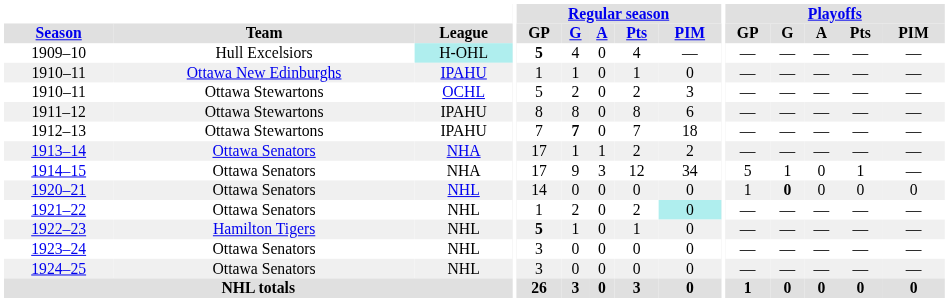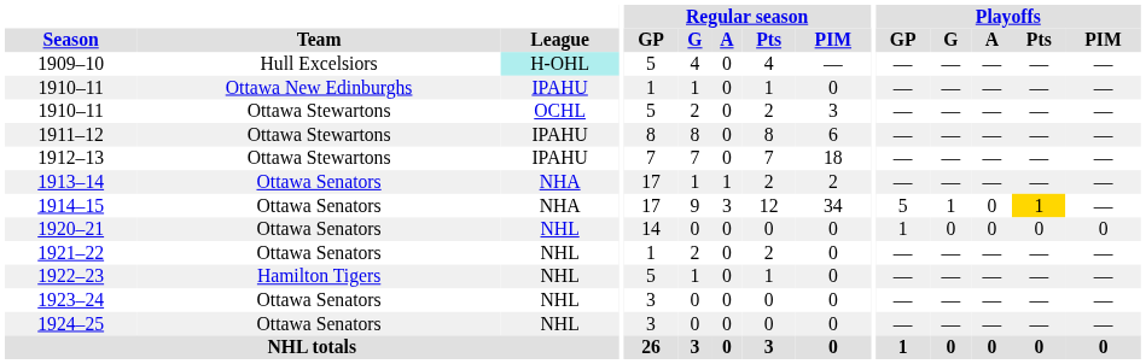 <table border="0" cellpadding="1" cellspacing="0" style="text-align:center; width:60em">
 <tr bgcolor="#e0e0e0">
 <th colspan="3" bgcolor="#ffffff"></th>
 <th rowspan="100" bgcolor="#ffffff"></th>
 <th colspan="5"><a href='#'>Regular season</a></th>
 <th rowspan="100" bgcolor="#ffffff"></th>
 <th colspan="5"><a href='#'>Playoffs</a></th>
 </tr>
 <tr bgcolor="#e0e0e0">
 <th><a href='#'>Season</a></th>
 <th>Team</th>
 <th>League</th>
 <th>GP</th>
 <th><a href='#'>G</a></th>
 <th><a href='#'>A</a></th>
 <th><a href='#'>Pts</a></th>
 <th><a href='#'>PIM</a></th>
 <th>GP</th>
 <th>G</th>
 <th>A</th>
 <th>Pts</th>
 <th>PIM</th>
 </tr>
 <tr>
 <td>1909–10</td>
 <td>Hull Excelsiors</td>
 <td style="background: paleturquoise;">H-OHL</td>
-<td><strong>5</strong></td>
+<td>5</td>
 <td>4</td>
 <td>0</td>
 <td>4</td>
 <td>—</td>
 <td>—</td>
 <td>—</td>
 <td>—</td>
 <td>—</td>
 <td>—</td>
 </tr>
 <tr bgcolor="#f0f0f0">
 <td>1910–11</td>
 <td><a href='#'>Ottawa New Edinburghs</a></td>
 <td><a href='#'>IPAHU</a></td>
 <td>1</td>
 <td>1</td>
 <td>0</td>
 <td>1</td>
 <td>0</td>
 <td>—</td>
 <td>—</td>
 <td>—</td>
 <td>—</td>
 <td>—</td>
 </tr>
 <tr>
 <td>1910–11</td>
 <td>Ottawa Stewartons</td>
 <td><a href='#'>OCHL</a></td>
 <td>5</td>
 <td>2</td>
 <td>0</td>
 <td>2</td>
 <td>3</td>
 <td>—</td>
 <td>—</td>
 <td>—</td>
 <td>—</td>
 <td>—</td>
 </tr>
 <tr bgcolor="#f0f0f0">
 <td>1911–12</td>
 <td>Ottawa Stewartons</td>
 <td>IPAHU</td>
 <td>8</td>
 <td>8</td>
 <td>0</td>
 <td>8</td>
 <td>6</td>
 <td>—</td>
 <td>—</td>
 <td>—</td>
 <td>—</td>
 <td>—</td>
 </tr>
 <tr>
 <td>1912–13</td>
 <td>Ottawa Stewartons</td>
 <td>IPAHU</td>
 <td>7</td>
-<td><strong>7</strong></td>
+<td>7</td>
 <td>0</td>
 <td>7</td>
 <td>18</td>
 <td>—</td>
 <td>—</td>
 <td>—</td>
 <td>—</td>
 <td>—</td>
 </tr>
 <tr bgcolor="#f0f0f0">
 <td><a href='#'>1913–14</a></td>
 <td><a href='#'>Ottawa Senators</a></td>
 <td><a href='#'>NHA</a></td>
 <td>17</td>
 <td>1</td>
 <td>1</td>
 <td>2</td>
 <td>2</td>
 <td>—</td>
 <td>—</td>
 <td>—</td>
 <td>—</td>
 <td>—</td>
 </tr>
 <tr>
 <td><a href='#'>1914–15</a></td>
 <td>Ottawa Senators</td>
 <td>NHA</td>
 <td>17</td>
 <td>9</td>
 <td>3</td>
 <td>12</td>
 <td>34</td>
 <td>5</td>
 <td>1</td>
 <td>0</td>
-<td>1</td>
+<td style="background: gold;">1</td>
 <td>—</td>
 </tr>
 <tr bgcolor="#f0f0f0">
 <td><a href='#'>1920–21</a></td>
 <td>Ottawa Senators</td>
 <td><a href='#'>NHL</a></td>
 <td>14</td>
 <td>0</td>
 <td>0</td>
 <td>0</td>
 <td>0</td>
 <td>1</td>
-<td><strong>0</strong></td>
+<td>0</td>
 <td>0</td>
 <td>0</td>
 <td>0</td>
 </tr>
 <tr>
 <td><a href='#'>1921–22</a></td>
 <td>Ottawa Senators</td>
 <td>NHL</td>
 <td>1</td>
 <td>2</td>
 <td>0</td>
 <td>2</td>
-<td style="background: paleturquoise;">0</td>
+<td>0</td>
 <td>—</td>
 <td>—</td>
 <td>—</td>
 <td>—</td>
 <td>—</td>
 </tr>
 <tr bgcolor="#f0f0f0">
 <td><a href='#'>1922–23</a></td>
 <td><a href='#'>Hamilton Tigers</a></td>
 <td>NHL</td>
-<td><strong>5</strong></td>
+<td>5</td>
 <td>1</td>
 <td>0</td>
 <td>1</td>
 <td>0</td>
 <td>—</td>
 <td>—</td>
 <td>—</td>
 <td>—</td>
 <td>—</td>
 </tr>
 <tr>
 <td><a href='#'>1923–24</a></td>
 <td>Ottawa Senators</td>
 <td>NHL</td>
 <td>3</td>
 <td>0</td>
 <td>0</td>
 <td>0</td>
 <td>0</td>
 <td>—</td>
 <td>—</td>
 <td>—</td>
 <td>—</td>
 <td>—</td>
 </tr>
 <tr bgcolor="#f0f0f0">
 <td><a href='#'>1924–25</a></td>
 <td>Ottawa Senators</td>
 <td>NHL</td>
 <td>3</td>
 <td>0</td>
 <td>0</td>
 <td>0</td>
 <td>0</td>
 <td>—</td>
 <td>—</td>
 <td>—</td>
 <td>—</td>
 <td>—</td>
 </tr>
 <tr bgcolor="#e0e0e0">
 <th colspan="3">NHL totals</th>
 <th>26</th>
 <th>3</th>
 <th>0</th>
 <th>3</th>
 <th>0</th>
 <th>1</th>
 <th>0</th>
 <th>0</th>
 <th>0</th>
 <th>0</th>
 </tr>
 </table>
